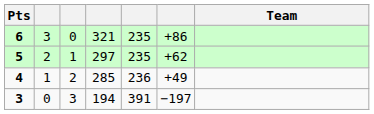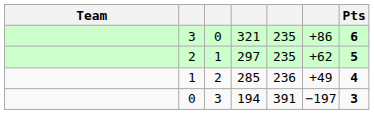 <table class="wikitable" style="text-align:center;">
 <tr>
-<th width=20>Pts</th>
+<th width=170>Team</th>
 <th width=20></th>
 <th width=20></th>
 <th width=30></th>
 <th width=30></th>
 <th width=30></th>
-<th width=170>Team</th>
+<th width=20>Pts</th>
 </tr>
 <tr bgcolor="#ccffcc">
-<td><strong>6</strong></td>
+<td align=left></td>
 <td>3</td>
 <td>0</td>
 <td>321</td>
 <td>235</td>
 <td>+86</td>
-<td align=left></td>
+<td><strong>6</strong></td>
 </tr>
 <tr bgcolor="#ccffcc">
-<td><strong>5</strong></td>
+<td align=left></td>
 <td>2</td>
 <td>1</td>
 <td>297</td>
 <td>235</td>
 <td>+62</td>
-<td align=left></td>
+<td><strong>5</strong></td>
 </tr>
 <tr>
-<td><strong>4</strong></td>
+<td align=left></td>
 <td>1</td>
 <td>2</td>
 <td>285</td>
 <td>236</td>
 <td>+49</td>
-<td align=left></td>
+<td><strong>4</strong></td>
 </tr>
 <tr>
-<td><strong>3</strong></td>
+<td align=left></td>
 <td>0</td>
 <td>3</td>
 <td>194</td>
 <td>391</td>
 <td>−197</td>
-<td align=left></td>
+<td><strong>3</strong></td>
 </tr>
 </table>
